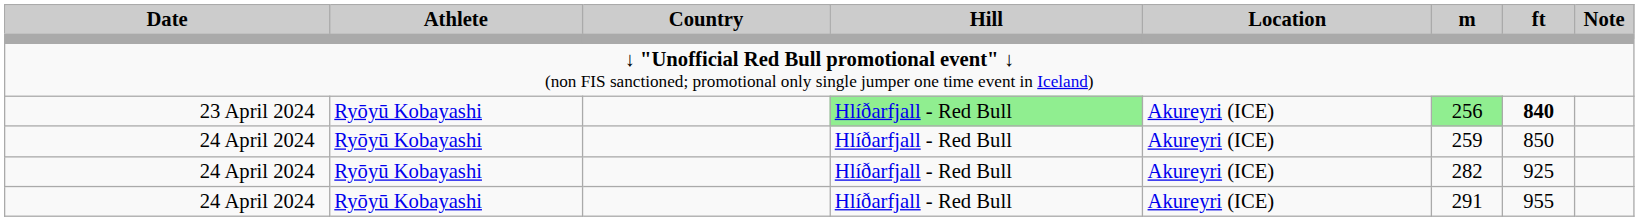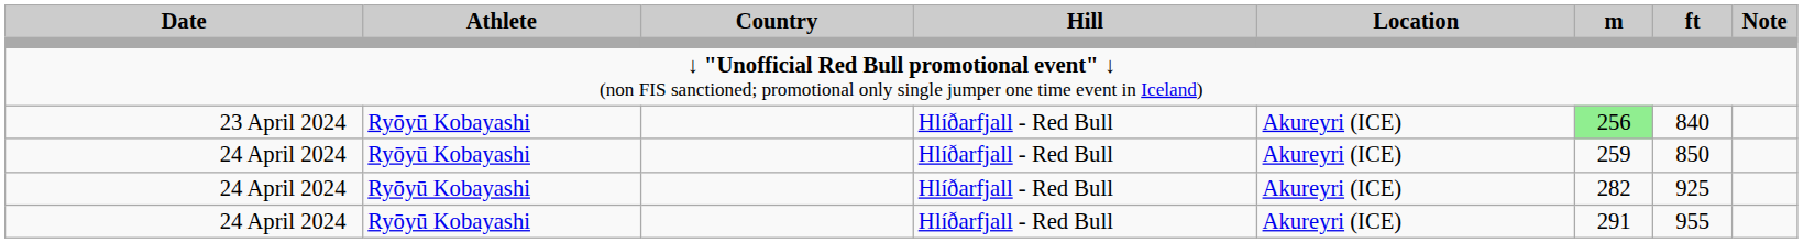 <table class="wikitable sortable" style="text-align:left; line-height:16px; width:100%;">
 <tr>
 <th style="background-color: #ccc;" width="208">Date</th>
 <th style="background-color: #ccc;" width="160">Athlete</th>
 <th style="background-color: #ccc;" width="157">Country</th>
 <th style="background-color: #ccc;" width="200">Hill</th>
 <th style="background-color: #ccc;" width="184">Location</th>
 <th style="background-color: #ccc;" width="40">m</th>
 <th style="background-color: #ccc;" width="40">ft</th>
 <th style="background-color: #ccc;" width="15">Note</th>
 </tr>
 <tr>
 <td colspan=9 align=center style="border-top-width:8px">↓ <strong>"Unofficial Red Bull promotional event"</strong> ↓<br><small>(non FIS sanctioned; promotional only single jumper one time event in <a href='#'>Iceland</a>)</small></td>
 </tr>
 <tr>
 <td align=right>23 April 2024  </td>
 <td><a href='#'>Ryōyū Kobayashi</a></td>
 <td></td>
-<td style="background: lightgreen;"><a href='#'>Hlíðarfjall</a> - Red Bull</td>
+<td><a href='#'>Hlíðarfjall</a> - Red Bull</td>
 <td><a href='#'>Akureyri</a> (ICE)</td>
 <td align=center style="background: lightgreen;">256</td>
-<td align=center><strong>840</strong></td>
+<td align=center>840</td>
 <td></td>
 </tr>
 <tr>
 <td align=right>24 April 2024  </td>
 <td><a href='#'>Ryōyū Kobayashi</a></td>
 <td></td>
 <td><a href='#'>Hlíðarfjall</a> - Red Bull</td>
 <td><a href='#'>Akureyri</a> (ICE)</td>
 <td align=center>259</td>
 <td align=center>850</td>
 <td></td>
 </tr>
 <tr>
 <td align=right>24 April 2024  </td>
 <td><a href='#'>Ryōyū Kobayashi</a></td>
 <td></td>
 <td><a href='#'>Hlíðarfjall</a> - Red Bull</td>
 <td><a href='#'>Akureyri</a> (ICE)</td>
 <td align=center>282</td>
 <td align=center>925</td>
 <td></td>
 </tr>
 <tr>
 <td align=right>24 April 2024  </td>
 <td><a href='#'>Ryōyū Kobayashi</a></td>
 <td></td>
 <td><a href='#'>Hlíðarfjall</a> - Red Bull</td>
 <td><a href='#'>Akureyri</a> (ICE)</td>
 <td align=center>291</td>
 <td align=center>955</td>
 <td></td>
 </tr>
 </table>
